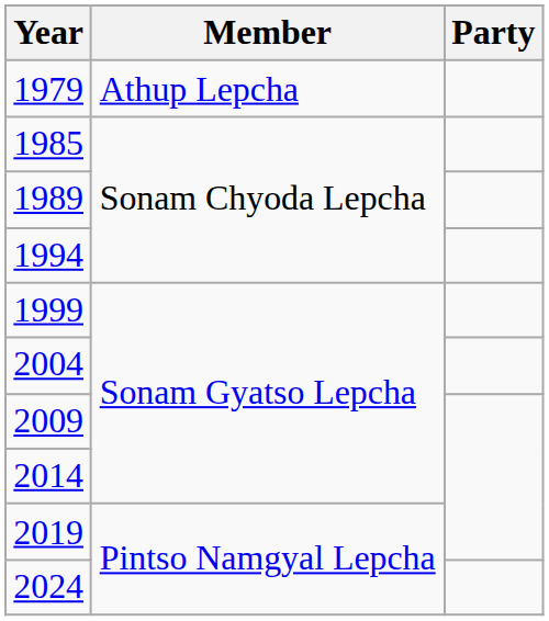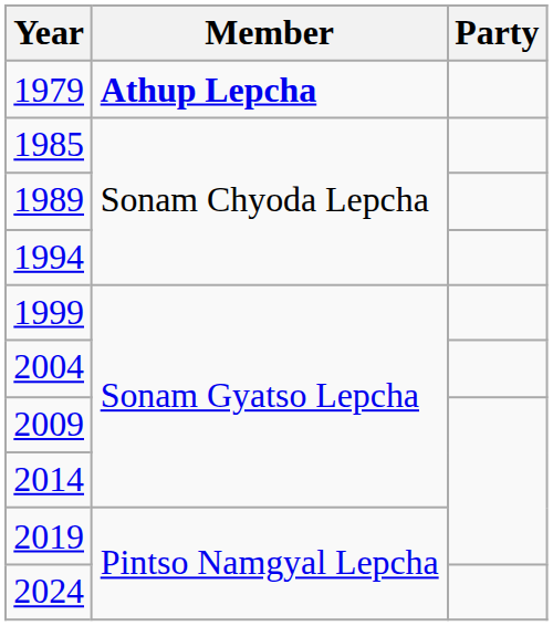 <table class="wikitable sortable">
 <tr>
 <th>Year</th>
 <th>Member</th>
 <th colspan=2>Party</th>
 </tr>
 <tr>
 <td><a href='#'>1979</a></td>
-<td><a href='#'>Athup Lepcha</a></td>
+<td><strong><a href='#'>Athup Lepcha</a></strong></td>
 <td></td>
 </tr>
 <tr>
 <td><a href='#'>1985</a></td>
 <td rowspan=3>Sonam Chyoda Lepcha</td>
 <td></td>
 </tr>
 <tr>
 <td><a href='#'>1989</a></td>
 </tr>
 <tr>
 <td><a href='#'>1994</a></td>
 <td></td>
 </tr>
 <tr>
 <td><a href='#'>1999</a></td>
 <td rowspan=4><a href='#'>Sonam Gyatso Lepcha</a></td>
 <td></td>
 </tr>
 <tr>
 <td><a href='#'>2004</a></td>
 <td></td>
 </tr>
 <tr>
 <td><a href='#'>2009</a></td>
 </tr>
 <tr>
 <td><a href='#'>2014</a></td>
 </tr>
 <tr>
 <td><a href='#'>2019</a></td>
 <td rowspan=2><a href='#'>Pintso Namgyal Lepcha</a></td>
 </tr>
 <tr>
 <td><a href='#'>2024</a></td>
 <td></td>
 </tr>
 </table>
